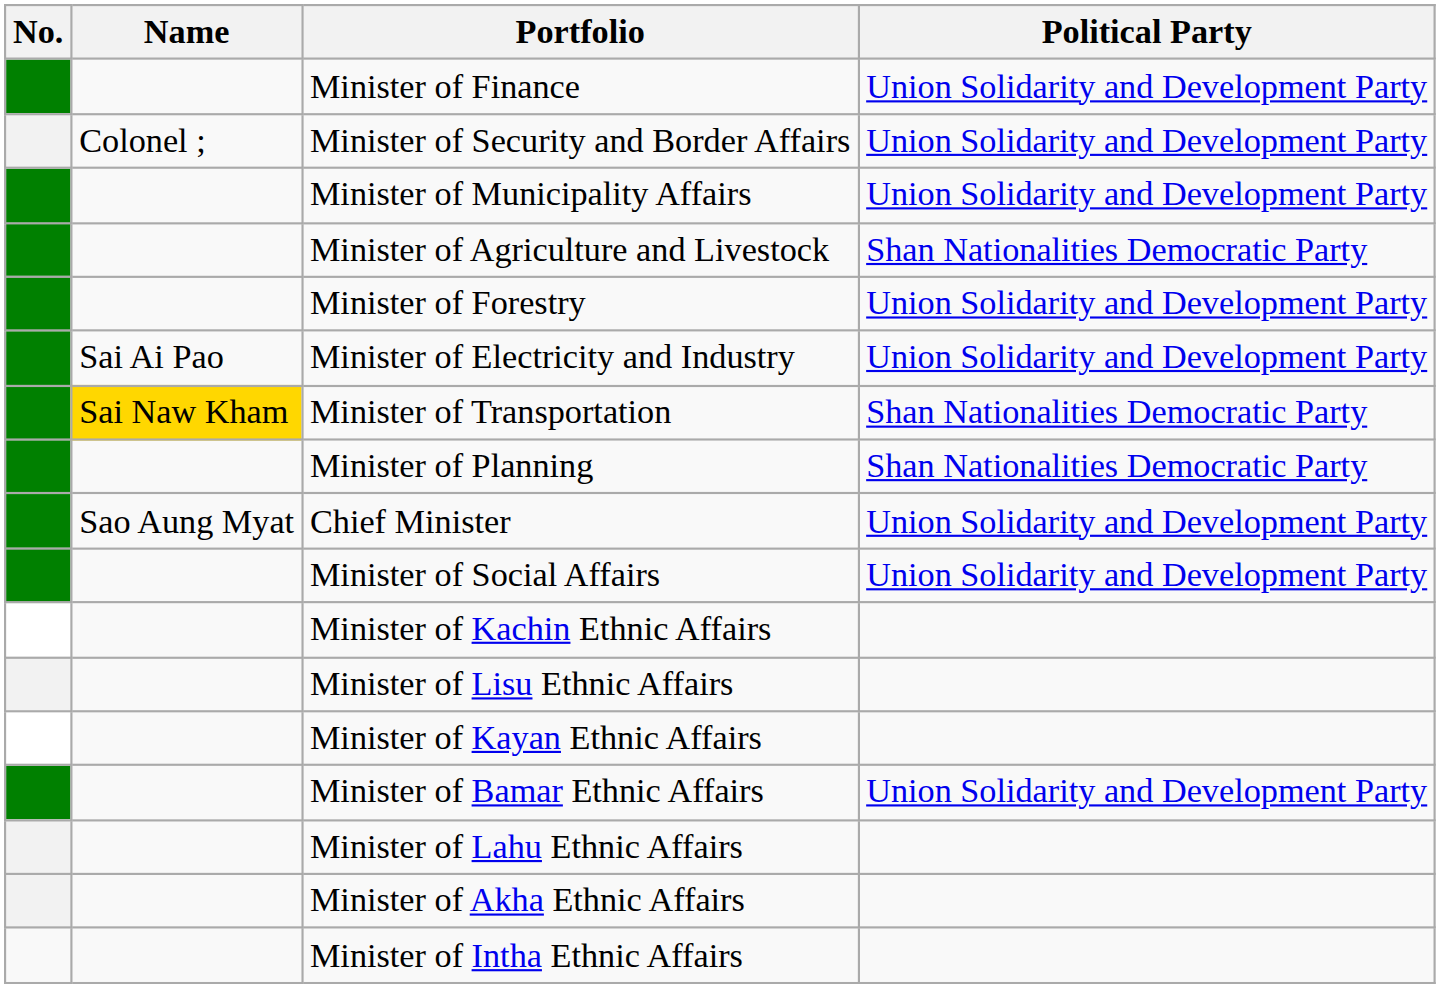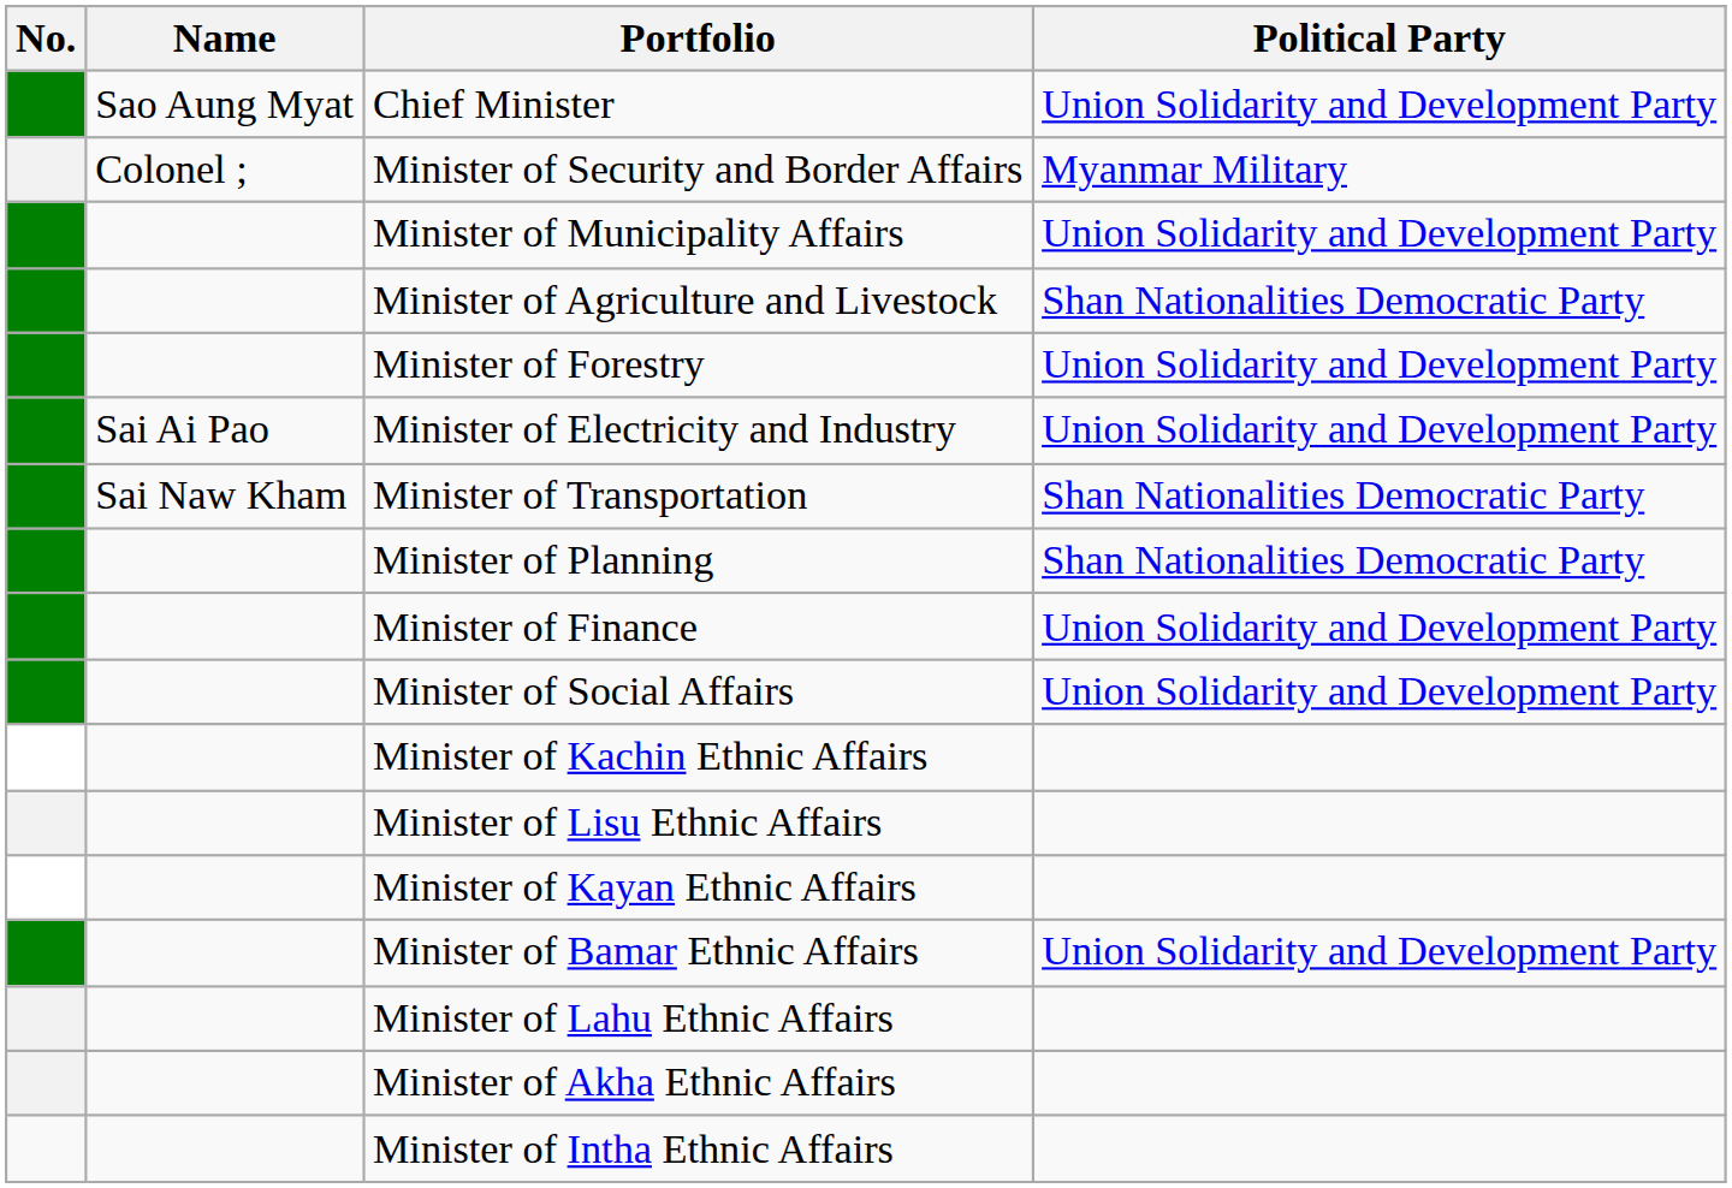 <table class="wikitable">
 <tr>
 <th>No.</th>
 <th>Name</th>
 <th>Portfolio</th>
 <th>Political Party</th>
 </tr>
 <tr>
 <th style="background:Green;"></th>
-<td></td>
-<td>Minister of Finance</td>
+<td>Sao Aung Myat</td>
+<td>Chief Minister</td>
 <td><a href='#'>Union Solidarity and Development Party</a></td>
 </tr>
 <tr>
 <th style="background:"></th>
 <td>Colonel ;</td>
 <td>Minister of Security and Border Affairs</td>
-<td><a href='#'>Union Solidarity and Development Party</a></td>
+<td><a href='#'>Myanmar Military</a></td>
 </tr>
 <tr>
 <th style="background:Green;"></th>
 <td></td>
 <td>Minister of Municipality Affairs</td>
 <td><a href='#'>Union Solidarity and Development Party</a></td>
 </tr>
 <tr>
 <th style="background:Green;"></th>
 <td></td>
 <td>Minister of Agriculture and Livestock</td>
 <td><a href='#'>Shan Nationalities Democratic Party</a></td>
 </tr>
 <tr>
 <th style="background:Green;"></th>
 <td></td>
 <td>Minister of Forestry</td>
 <td><a href='#'>Union Solidarity and Development Party</a></td>
 </tr>
 <tr>
 <th style="background:Green;"></th>
 <td>Sai Ai Pao</td>
 <td>Minister of Electricity and Industry</td>
 <td><a href='#'>Union Solidarity and Development Party</a></td>
 </tr>
 <tr>
 <th style="background:Green;"></th>
-<td style="background: gold;">Sai Naw Kham</td>
+<td>Sai Naw Kham</td>
 <td>Minister of Transportation</td>
 <td><a href='#'>Shan Nationalities Democratic Party</a></td>
 </tr>
 <tr>
 <th style="background:Green;"></th>
 <td></td>
 <td>Minister of Planning</td>
 <td><a href='#'>Shan Nationalities Democratic Party</a></td>
 </tr>
 <tr>
 <th style="background:Green;"></th>
-<td>Sao Aung Myat</td>
-<td>Chief Minister</td>
+<td></td>
+<td>Minister of Finance</td>
 <td><a href='#'>Union Solidarity and Development Party</a></td>
 </tr>
 <tr>
 <th style="background:Green;"></th>
 <td></td>
 <td>Minister of Social Affairs</td>
 <td><a href='#'>Union Solidarity and Development Party</a></td>
 </tr>
 <tr>
 <th style="background:White;"></th>
 <td></td>
 <td>Minister of <a href='#'>Kachin</a> Ethnic Affairs</td>
 <td></td>
 </tr>
 <tr>
 <th style="background:"></th>
 <td></td>
 <td>Minister of <a href='#'>Lisu</a> Ethnic Affairs</td>
 <td></td>
 </tr>
 <tr>
 <th style="background:White;"></th>
 <td></td>
 <td>Minister of <a href='#'>Kayan</a> Ethnic Affairs</td>
 <td></td>
 </tr>
 <tr>
 <th style="background:Green;"></th>
 <td></td>
 <td>Minister of <a href='#'>Bamar</a> Ethnic Affairs</td>
 <td><a href='#'>Union Solidarity and Development Party</a></td>
 </tr>
 <tr>
 <th style="background:"></th>
 <td></td>
 <td>Minister of <a href='#'>Lahu</a> Ethnic Affairs</td>
 <td></td>
 </tr>
 <tr>
 <th style="background:"></th>
 <td></td>
 <td>Minister of <a href='#'>Akha</a> Ethnic Affairs</td>
 <td></td>
 </tr>
 <tr>
 <td ! style="background:;"></td>
 <td></td>
 <td>Minister of <a href='#'>Intha</a> Ethnic Affairs</td>
 <td></td>
 </tr>
 </table>
